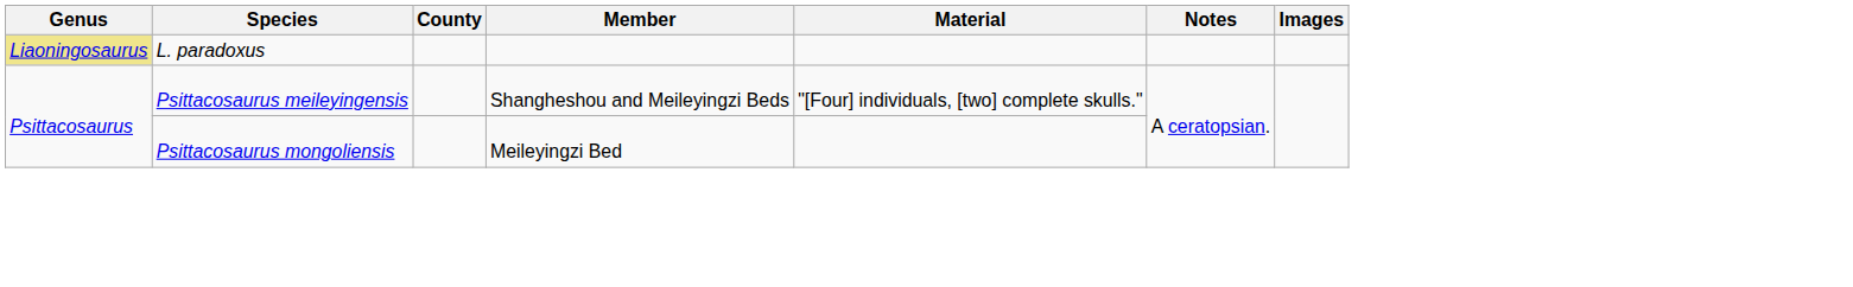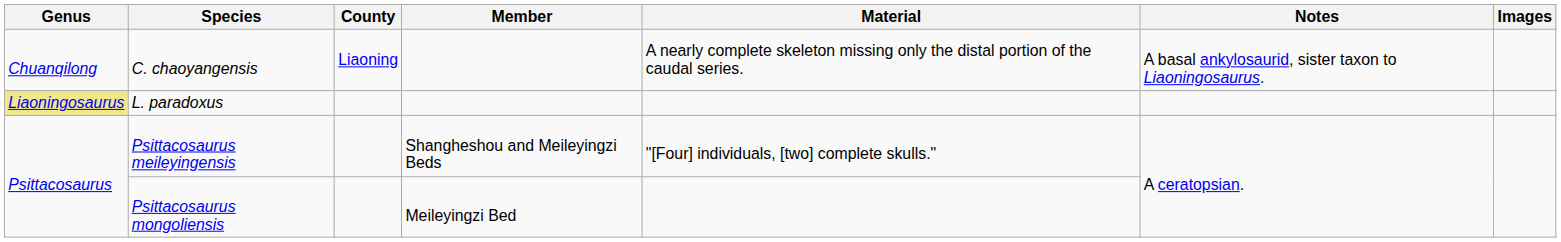 <table class="wikitable" align="center">
 <tr>
 <th>Genus</th>
 <th>Species</th>
 <th>County</th>
 <th>Member</th>
 <th>Material</th>
 <th>Notes</th>
 <th>Images</th>
+</tr>
+<tr>
+<td><br><em><a href='#'>Chuanqilong</a></em></td>
+<td><br><em>C. chaoyangensis</em></td>
+<td><a href='#'>Liaoning</a></td>
+<td></td>
+<td>A nearly complete skeleton missing only the distal portion of the caudal series.</td>
+<td><br>A basal <a href='#'>ankylosaurid</a>, sister taxon to <em><a href='#'>Liaoningosaurus</a></em>.</td>
+<td></td>
 </tr>
 <tr>
 <td style="background: khaki;"><em><a href='#'>Liaoningosaurus</a></em></td>
 <td><em>L. paradoxus</em></td>
 <td></td>
 <td></td>
 <td></td>
 <td></td>
 <td></td>
 </tr>
 <tr>
 <td rowspan="2"><br><em><a href='#'>Psittacosaurus</a></em></td>
 <td><br><em><a href='#'>Psittacosaurus meileyingensis</a></em></td>
 <td></td>
 <td><br>Shangheshou and Meileyingzi Beds</td>
 <td><br>"[Four] individuals, [two] complete skulls."</td>
 <td rowspan="2"><br>A <a href='#'>ceratopsian</a>.<br></td>
 <td rowspan="99"><br> </td>
 </tr>
 <tr>
 <td><br><em><a href='#'>Psittacosaurus mongoliensis</a></em></td>
 <td></td>
 <td><br>Meileyingzi Bed</td>
 <td></td>
 </tr>
 </table>
